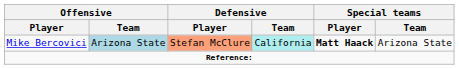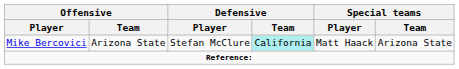 <table class="wikitable">
 <tr>
 <th colspan="2">Offensive</th>
 <th colspan="2">Defensive</th>
 <th colspan="2">Special teams</th>
 </tr>
 <tr>
 <th>Player</th>
 <th>Team</th>
 <th>Player</th>
 <th>Team</th>
 <th>Player</th>
 <th>Team</th>
 </tr>
 <tr>
 <td><a href='#'>Mike Bercovici</a></td>
-<td style="background: lightblue;">Arizona State</td>
-<td style="background: lightsalmon;">Stefan McClure</td>
+<td>Arizona State</td>
+<td>Stefan McClure</td>
 <td style="background: paleturquoise;">California</td>
-<td><strong>Matt Haack</strong></td>
+<td>Matt Haack</td>
 <td>Arizona State</td>
 </tr>
 <tr>
 <td colspan="12"  style="font-size:8pt; text-align:center;"><strong>Reference:</strong></td>
 </tr>
 </table>
